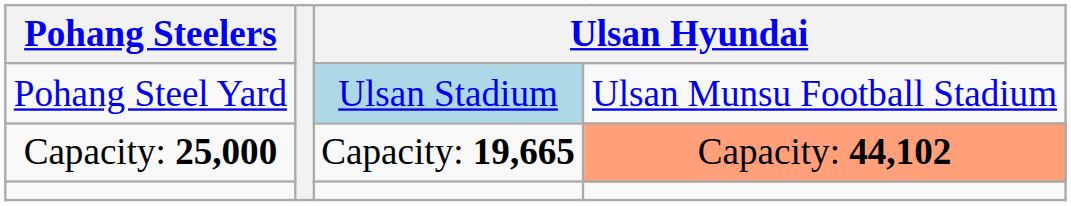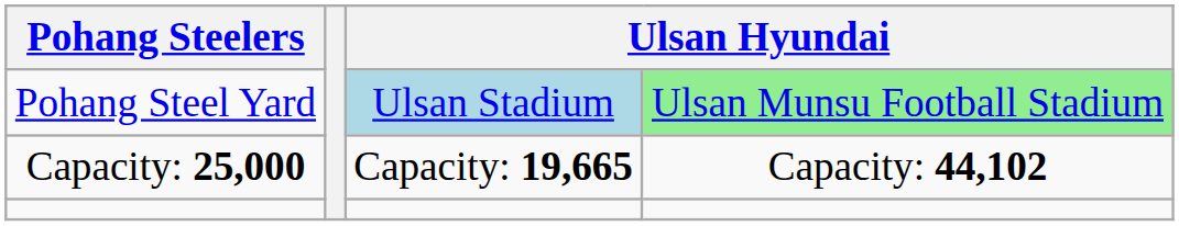 <table class="wikitable" style="margin:1em auto; text-align:center;">
 <tr>
 <th><a href='#'>Pohang Steelers</a></th>
 <th rowspan=4></th>
 <th colspan=2><a href='#'>Ulsan Hyundai</a></th>
 </tr>
 <tr>
 <td><a href='#'>Pohang Steel Yard</a></td>
 <td style="background: lightblue;"><a href='#'>Ulsan Stadium</a></td>
-<td><a href='#'>Ulsan Munsu Football Stadium</a></td>
+<td style="background: lightgreen;"><a href='#'>Ulsan Munsu Football Stadium</a></td>
 </tr>
 <tr>
 <td>Capacity: <strong>25,000</strong></td>
 <td>Capacity: <strong>19,665</strong></td>
-<td style="background: lightsalmon;">Capacity: <strong>44,102</strong></td>
+<td>Capacity: <strong>44,102</strong></td>
 </tr>
 <tr>
 <td></td>
 <td></td>
 <td></td>
 </tr>
 </table>
